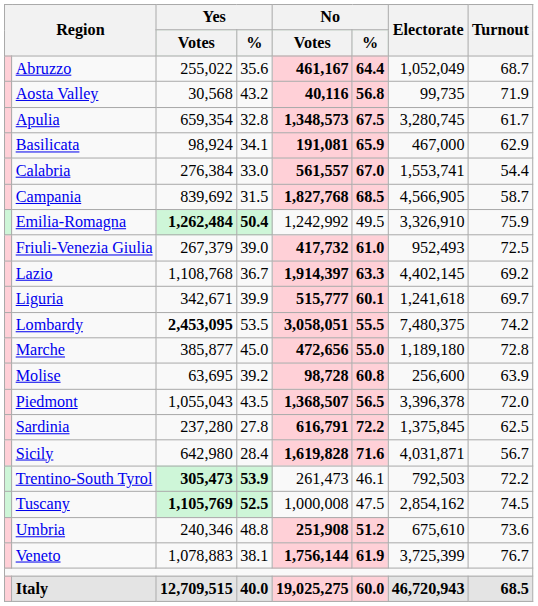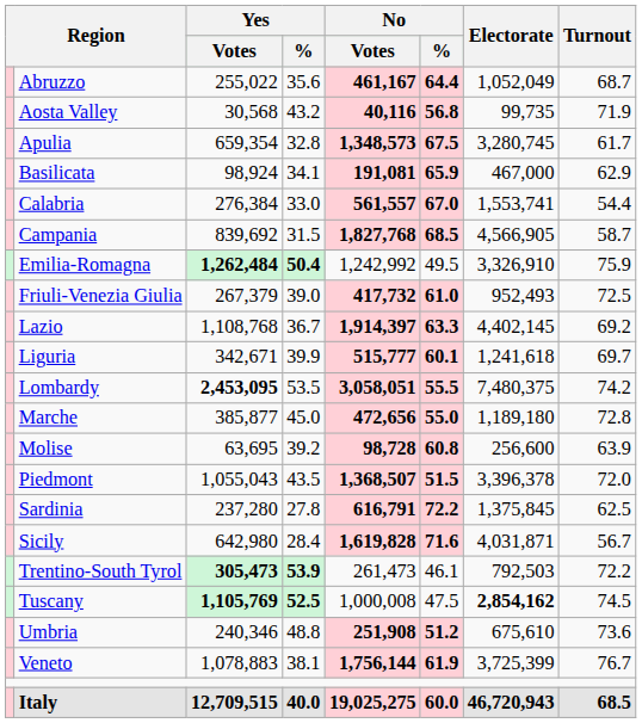 <table class="wikitable sortable" style=text-align:right>
 <tr>
 <th rowspan=2 colspan=2>Region</th>
 <th colspan=2> Yes</th>
 <th colspan=2> No</th>
 <th rowspan=2>Electorate</th>
 <th rowspan=2>Turnout</th>
 </tr>
 <tr style="background:#CEF6D8"|>
 <th>Votes</th>
 <th>%</th>
 <th>Votes</th>
 <th>%</th>
 </tr>
 <tr>
 <td style="background:#FFD0D7"></td>
 <td align=left><a href='#'>Abruzzo</a></td>
 <td>255,022</td>
 <td>35.6</td>
 <td style="background:#FFD0D7"><strong>461,167</strong></td>
 <td style="background:#FFD0D7"><strong>64.4</strong></td>
 <td>1,052,049</td>
 <td>68.7</td>
 </tr>
 <tr>
 <td style="background:#FFD0D7"></td>
 <td align=left><a href='#'>Aosta Valley</a></td>
 <td>30,568</td>
 <td>43.2</td>
 <td style="background:#FFD0D7"><strong>40,116</strong></td>
 <td style="background:#FFD0D7"><strong>56.8</strong></td>
 <td>99,735</td>
 <td>71.9</td>
 </tr>
 <tr>
 <td style="background:#FFD0D7"></td>
 <td align=left><a href='#'>Apulia</a></td>
 <td>659,354</td>
 <td>32.8</td>
 <td style="background:#FFD0D7"><strong>1,348,573</strong></td>
 <td style="background:#FFD0D7"><strong>67.5</strong></td>
 <td>3,280,745</td>
 <td>61.7</td>
 </tr>
 <tr>
 <td style="background:#FFD0D7"></td>
 <td align=left><a href='#'>Basilicata</a></td>
 <td>98,924</td>
 <td>34.1</td>
 <td style="background:#FFD0D7"><strong>191,081</strong></td>
 <td style="background:#FFD0D7"><strong>65.9</strong></td>
 <td>467,000</td>
 <td>62.9</td>
 </tr>
 <tr>
 <td style="background:#FFD0D7"></td>
 <td align=left><a href='#'>Calabria</a></td>
 <td>276,384</td>
 <td>33.0</td>
 <td style="background:#FFD0D7"><strong>561,557</strong></td>
 <td style="background:#FFD0D7"><strong>67.0</strong></td>
 <td>1,553,741</td>
 <td>54.4</td>
 </tr>
 <tr>
 <td style="background:#FFD0D7"></td>
 <td align=left><a href='#'>Campania</a></td>
 <td>839,692</td>
 <td>31.5</td>
 <td style="background:#FFD0D7"><strong>1,827,768</strong></td>
 <td style="background:#FFD0D7"><strong>68.5</strong></td>
 <td>4,566,905</td>
 <td>58.7</td>
 </tr>
 <tr>
 <td style="background:#CEF6D8"></td>
 <td align=left><a href='#'>Emilia-Romagna</a></td>
 <td style="background:#CEF6D8"><strong>1,262,484</strong></td>
 <td style="background:#CEF6D8"><strong>50.4</strong></td>
 <td>1,242,992</td>
 <td>49.5</td>
 <td>3,326,910</td>
 <td>75.9</td>
 </tr>
 <tr>
 <td style="background:#FFD0D7"></td>
 <td align=left><a href='#'>Friuli-Venezia Giulia</a></td>
 <td>267,379</td>
 <td>39.0</td>
 <td style="background:#FFD0D7"><strong>417,732</strong></td>
 <td style="background:#FFD0D7"><strong>61.0</strong></td>
 <td>952,493</td>
 <td>72.5</td>
 </tr>
 <tr>
 <td style="background:#FFD0D7"></td>
 <td align=left><a href='#'>Lazio</a></td>
 <td>1,108,768</td>
 <td>36.7</td>
 <td style="background:#FFD0D7"><strong>1,914,397</strong></td>
 <td style="background:#FFD0D7"><strong>63.3</strong></td>
 <td>4,402,145</td>
 <td>69.2</td>
 </tr>
 <tr>
 <td style="background:#FFD0D7"></td>
 <td align=left><a href='#'>Liguria</a></td>
 <td>342,671</td>
 <td>39.9</td>
 <td style="background:#FFD0D7"><strong>515,777</strong></td>
 <td style="background:#FFD0D7"><strong>60.1</strong></td>
 <td>1,241,618</td>
 <td>69.7</td>
 </tr>
 <tr>
 <td style="background:#FFD0D7"></td>
 <td align=left><a href='#'>Lombardy</a></td>
 <td><strong>2,453,095</strong></td>
 <td>53.5</td>
 <td style="background:#FFD0D7"><strong>3,058,051</strong></td>
 <td style="background:#FFD0D7"><strong>55.5</strong></td>
 <td>7,480,375</td>
 <td>74.2</td>
 </tr>
 <tr>
 <td style="background:#FFD0D7"></td>
 <td align=left><a href='#'>Marche</a></td>
 <td>385,877</td>
 <td>45.0</td>
 <td style="background:#FFD0D7"><strong>472,656</strong></td>
 <td style="background:#FFD0D7"><strong>55.0</strong></td>
 <td>1,189,180</td>
 <td>72.8</td>
 </tr>
 <tr>
 <td style="background:#FFD0D7"></td>
 <td align=left><a href='#'>Molise</a></td>
 <td>63,695</td>
 <td>39.2</td>
 <td style="background:#FFD0D7"><strong>98,728</strong></td>
 <td style="background:#FFD0D7"><strong>60.8</strong></td>
 <td>256,600</td>
 <td>63.9</td>
 </tr>
 <tr>
 <td style="background:#FFD0D7"></td>
 <td align=left><a href='#'>Piedmont</a></td>
 <td>1,055,043</td>
 <td>43.5</td>
 <td style="background:#FFD0D7"><strong>1,368,507</strong></td>
-<td style="background:#FFD0D7"><strong>56.5</strong></td>
+<td style="background:#FFD0D7"><strong>51.5</strong></td>
 <td>3,396,378</td>
 <td>72.0</td>
 </tr>
 <tr>
 <td style="background:#FFD0D7"></td>
 <td align=left><a href='#'>Sardinia</a></td>
 <td>237,280</td>
 <td>27.8</td>
 <td style="background:#FFD0D7"><strong>616,791</strong></td>
 <td style="background:#FFD0D7"><strong>72.2</strong></td>
 <td>1,375,845</td>
 <td>62.5</td>
 </tr>
 <tr>
 <td style="background:#FFD0D7"></td>
 <td align=left><a href='#'>Sicily</a></td>
 <td>642,980</td>
 <td>28.4</td>
 <td style="background:#FFD0D7"><strong>1,619,828</strong></td>
 <td style="background:#FFD0D7"><strong>71.6</strong></td>
 <td>4,031,871</td>
 <td>56.7</td>
 </tr>
 <tr>
 <td style="background:#CEF6D8"></td>
 <td align=left><a href='#'>Trentino-South Tyrol</a></td>
 <td style="background:#CEF6D8"><strong>305,473</strong></td>
 <td style="background:#CEF6D8"><strong>53.9</strong></td>
 <td>261,473</td>
 <td>46.1</td>
 <td>792,503</td>
 <td>72.2</td>
 </tr>
 <tr>
 <td style="background:#CEF6D8"></td>
 <td align=left><a href='#'>Tuscany</a></td>
 <td style="background:#CEF6D8"><strong>1,105,769</strong></td>
 <td style="background:#CEF6D8"><strong>52.5</strong></td>
 <td>1,000,008</td>
 <td>47.5</td>
-<td>2,854,162</td>
+<td><strong>2,854,162</strong></td>
 <td>74.5</td>
 </tr>
 <tr>
 <td style="background:#FFD0D7"></td>
 <td align=left><a href='#'>Umbria</a></td>
 <td>240,346</td>
 <td>48.8</td>
 <td style="background:#FFD0D7"><strong>251,908</strong></td>
 <td style="background:#FFD0D7"><strong>51.2</strong></td>
 <td>675,610</td>
 <td>73.6</td>
 </tr>
 <tr>
 <td style="background:#FFD0D7"></td>
 <td align=left><a href='#'>Veneto</a></td>
 <td>1,078,883</td>
 <td>38.1</td>
 <td style="background:#FFD0D7"><strong>1,756,144</strong></td>
 <td style="background:#FFD0D7"><strong>61.9</strong></td>
 <td>3,725,399</td>
 <td>76.7</td>
 </tr>
 <tr>
 <td colspan=8></td>
 </tr>
 <tr style=font-weight:bold>
 <td style="background:#FFD0D7"></td>
 <td style="background:#E4E4E4;" align=left>Italy</td>
 <td style="background:#E4E4E4;">12,709,515</td>
 <td style="background:#E4E4E4;">40.0</td>
 <td style="background:#FFD0D7">19,025,275</td>
 <td style="background:#FFD0D7">60.0</td>
 <td style="background:#E4E4E4;">46,720,943</td>
 <td style="background:#E4E4E4;">68.5</td>
 </tr>
 </table>
